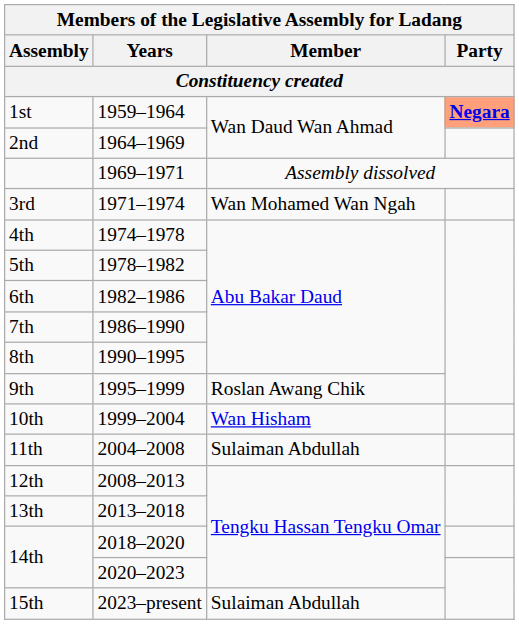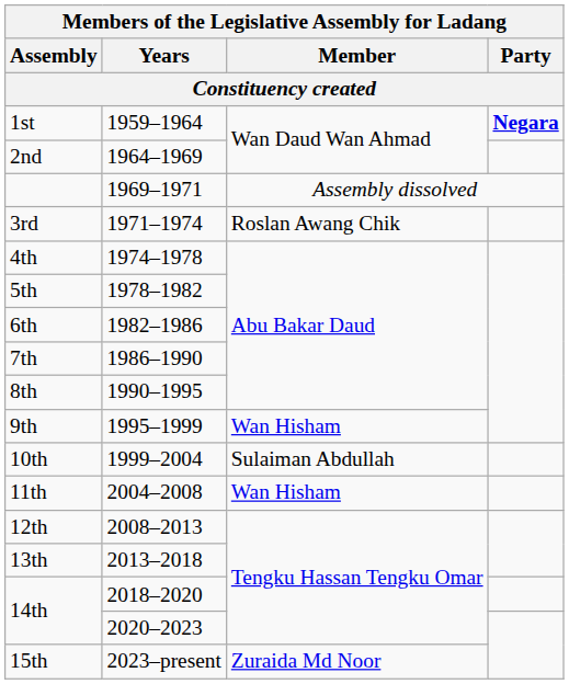 <table class="wikitable">
 <tr>
 <th colspan="4">Members of the Legislative Assembly for Ladang</th>
 </tr>
 <tr>
 <th>Assembly</th>
 <th>Years</th>
 <th>Member</th>
 <th>Party</th>
 </tr>
 <tr>
 <th colspan="4" align="center"><em>Constituency created</em></th>
 </tr>
 <tr>
 <td>1st</td>
 <td>1959–1964</td>
 <td rowspan="2">Wan Daud Wan Ahmad</td>
-<td style="background: lightsalmon;"><strong><a href='#'>Negara</a></strong></td>
+<td><strong><a href='#'>Negara</a></strong></td>
 </tr>
 <tr>
 <td>2nd</td>
 <td>1964–1969</td>
 <td></td>
 </tr>
 <tr>
 <td></td>
 <td>1969–1971</td>
 <td colspan="2" align="center"><em>Assembly dissolved</em></td>
 </tr>
 <tr>
 <td>3rd</td>
 <td>1971–1974</td>
-<td>Wan Mohamed Wan Ngah</td>
+<td>Roslan Awang Chik</td>
 <td></td>
 </tr>
 <tr>
 <td>4th</td>
 <td>1974–1978</td>
 <td rowspan="5"><a href='#'>Abu Bakar Daud</a></td>
 <td rowspan="6"></td>
 </tr>
 <tr>
 <td>5th</td>
 <td>1978–1982</td>
 </tr>
 <tr>
 <td>6th</td>
 <td>1982–1986</td>
 </tr>
 <tr>
 <td>7th</td>
 <td>1986–1990</td>
 </tr>
 <tr>
 <td>8th</td>
 <td>1990–1995</td>
 </tr>
 <tr>
 <td>9th</td>
 <td>1995–1999</td>
-<td>Roslan Awang Chik</td>
+<td><a href='#'>Wan Hisham</a></td>
 </tr>
 <tr>
 <td>10th</td>
 <td>1999–2004</td>
-<td><a href='#'>Wan Hisham</a></td>
+<td>Sulaiman Abdullah</td>
 <td></td>
 </tr>
 <tr>
 <td>11th</td>
 <td>2004–2008</td>
-<td>Sulaiman Abdullah</td>
+<td><a href='#'>Wan Hisham</a></td>
 <td></td>
 </tr>
 <tr>
 <td>12th</td>
 <td>2008–2013</td>
 <td rowspan="4"><a href='#'>Tengku Hassan Tengku Omar</a></td>
 <td rowspan="2"></td>
 </tr>
 <tr>
 <td>13th</td>
 <td>2013–2018</td>
 </tr>
 <tr>
 <td rowspan="2">14th</td>
 <td>2018–2020</td>
 <td></td>
 </tr>
 <tr>
 <td>2020–2023</td>
 <td rowspan="2"></td>
 </tr>
 <tr>
 <td>15th</td>
 <td>2023–present</td>
-<td>Sulaiman Abdullah</td>
+<td><a href='#'>Zuraida Md Noor</a></td>
 </tr>
 </table>
